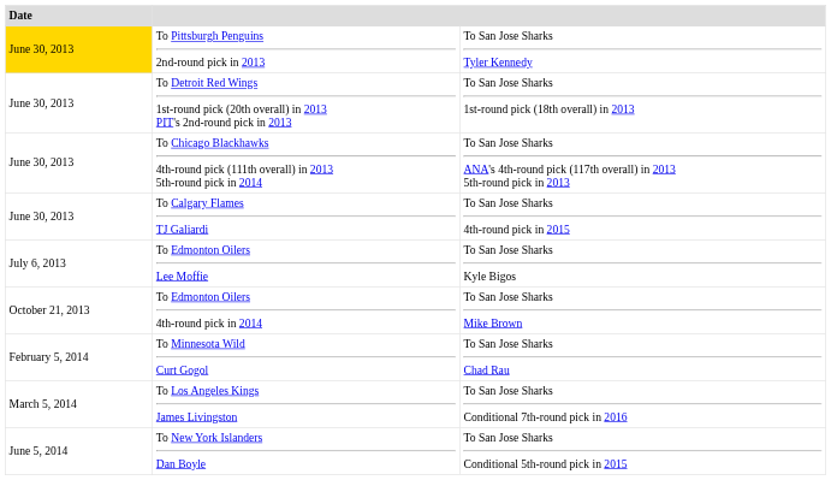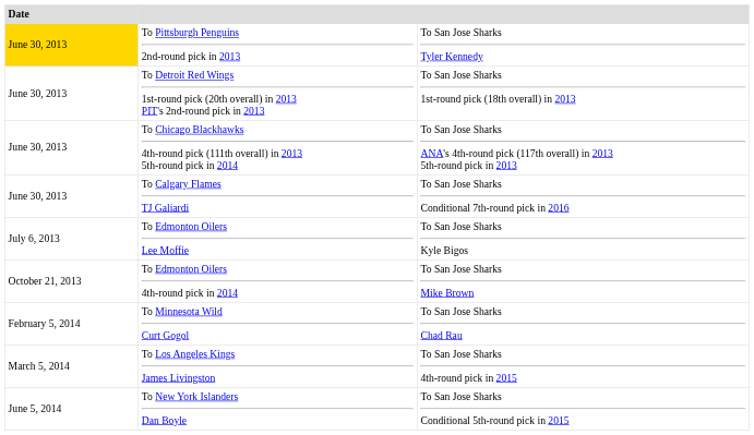 <table border=1 style="border-collapse:collapse" bordercolor="#DFDFDF"  cellpadding="5" width=90%>
 <tr bgcolor="#dddddd">
 <td><strong>Date</strong></td>
 <th colspan="2"></th>
 </tr>
 <tr>
 <td style="background: gold;">June 30, 2013</td>
 <td valign="top">To <a href='#'>Pittsburgh Penguins</a><hr>2nd-round pick in <a href='#'>2013</a></td>
 <td valign="top">To San Jose Sharks<hr><a href='#'>Tyler Kennedy</a></td>
 </tr>
 <tr>
 <td>June 30, 2013</td>
 <td valign="top">To <a href='#'>Detroit Red Wings</a><hr>1st-round pick (20th overall) in <a href='#'>2013</a><br><a href='#'>PIT</a>'s 2nd-round pick in <a href='#'>2013</a></td>
 <td valign="top">To San Jose Sharks<hr>1st-round pick (18th overall) in <a href='#'>2013</a></td>
 </tr>
 <tr>
 <td>June 30, 2013</td>
 <td valign="top">To <a href='#'>Chicago Blackhawks</a><hr>4th-round pick (111th overall) in <a href='#'>2013</a><br>5th-round pick in <a href='#'>2014</a></td>
 <td valign="top">To San Jose Sharks<hr><a href='#'>ANA</a>'s 4th-round pick (117th overall) in <a href='#'>2013</a><br>5th-round pick in <a href='#'>2013</a></td>
 </tr>
 <tr>
 <td>June 30, 2013</td>
 <td valign="top">To <a href='#'>Calgary Flames</a><hr><a href='#'>TJ Galiardi</a></td>
-<td valign="top">To San Jose Sharks<hr>4th-round pick in <a href='#'>2015</a></td>
+<td valign="top">To San Jose Sharks <hr>Conditional 7th-round pick in <a href='#'>2016</a></td>
 </tr>
 <tr>
 <td>July 6, 2013</td>
 <td valign="top">To <a href='#'>Edmonton Oilers</a><hr><a href='#'>Lee Moffie</a></td>
 <td valign="top">To San Jose Sharks<hr>Kyle Bigos</td>
 </tr>
 <tr>
 <td>October 21, 2013</td>
 <td valign="top">To <a href='#'>Edmonton Oilers</a><hr>4th-round pick in <a href='#'>2014</a></td>
 <td valign="top">To San Jose Sharks<hr><a href='#'>Mike Brown</a></td>
 </tr>
 <tr>
 <td>February 5, 2014</td>
 <td valign="top">To <a href='#'>Minnesota Wild</a><hr><a href='#'>Curt Gogol</a></td>
 <td valign="top">To San Jose Sharks<hr><a href='#'>Chad Rau</a></td>
 </tr>
 <tr>
 <td>March 5, 2014</td>
 <td valign="top">To <a href='#'>Los Angeles Kings</a> <hr><a href='#'>James Livingston</a></td>
-<td valign="top">To San Jose Sharks <hr>Conditional 7th-round pick in <a href='#'>2016</a></td>
+<td valign="top">To San Jose Sharks<hr>4th-round pick in <a href='#'>2015</a></td>
 </tr>
 <tr>
 <td>June 5, 2014</td>
 <td valign="top">To <a href='#'>New York Islanders</a> <hr><a href='#'>Dan Boyle</a></td>
 <td valign="top">To San Jose Sharks <hr>Conditional 5th-round pick in <a href='#'>2015</a></td>
 </tr>
 </table>
